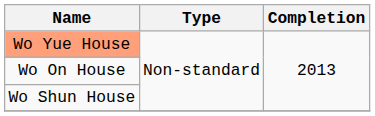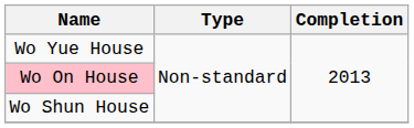 <table class="wikitable" style="text-align: center">
 <tr>
 <th>Name</th>
 <th>Type</th>
 <th>Completion</th>
 </tr>
 <tr>
-<td style="background: lightsalmon;">Wo Yue House</td>
+<td>Wo Yue House</td>
 <td rowspan="3">Non-standard</td>
 <td rowspan="3">2013</td>
 </tr>
 <tr>
-<td>Wo On House</td>
+<td style="background: pink;">Wo On House</td>
 </tr>
 <tr>
 <td>Wo Shun House</td>
 </tr>
 <tr>
 </tr>
 </table>
